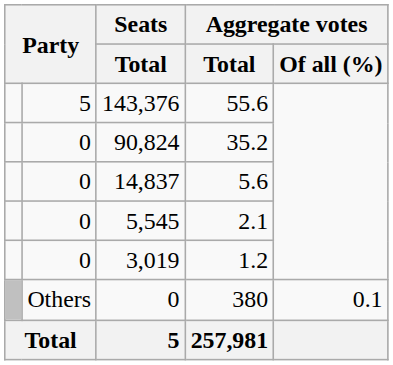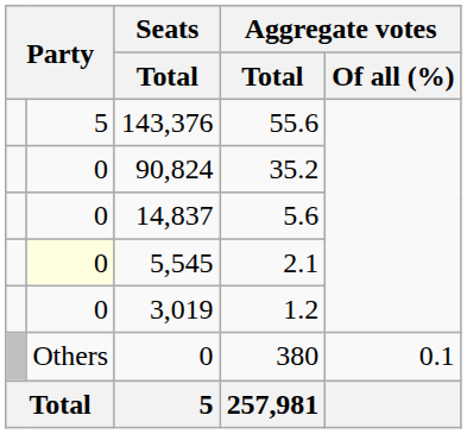 <table class="wikitable" style="text-align:right; font-size:95%;">
 <tr>
 <th colspan="2" rowspan="2">Party</th>
 <th>Seats</th>
 <th colspan="2">Aggregate votes</th>
 </tr>
 <tr>
 <th>Total</th>
 <th>Total</th>
 <th>Of all (%)</th>
 </tr>
 <tr>
 <td></td>
 <td>5</td>
 <td>143,376</td>
 <td>55.6</td>
 </tr>
 <tr>
 <td></td>
 <td>0</td>
 <td>90,824</td>
 <td>35.2</td>
 </tr>
 <tr>
 <td></td>
 <td>0</td>
 <td>14,837</td>
 <td>5.6</td>
 </tr>
 <tr>
 <td></td>
-<td>0</td>
+<td style="background: lightyellow;">0</td>
 <td>5,545</td>
 <td>2.1</td>
 </tr>
 <tr>
 <td></td>
 <td>0</td>
 <td>3,019</td>
 <td>1.2</td>
 </tr>
 <tr>
 <td style="background:silver;"> </td>
 <td align=left>Others</td>
 <td>0</td>
 <td>380</td>
 <td>0.1</td>
 </tr>
 <tr>
 <th colspan="2" style="background:#f2f2f2"><strong>Total</strong></th>
 <td style="background:#f2f2f2;"><strong>5</strong></td>
 <td style="background:#f2f2f2;"><strong>257,981</strong></td>
 <td style="background:#f2f2f2;"></td>
 </tr>
 </table>
